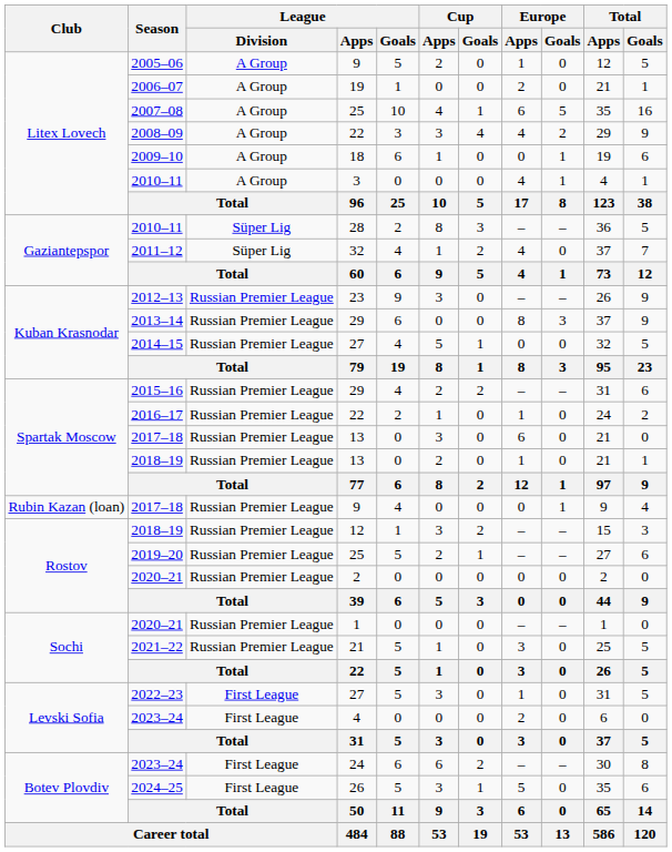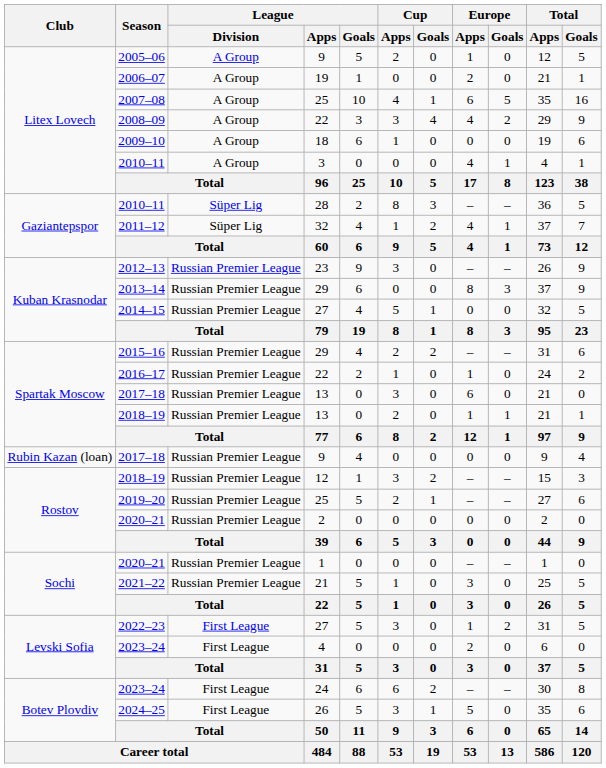 <table class="wikitable" style="text-align:center">
 <tr>
 <th rowspan="2">Club</th>
 <th rowspan="2">Season</th>
 <th colspan="3">League</th>
 <th colspan="2">Cup</th>
 <th colspan="2">Europe</th>
 <th colspan="2">Total</th>
 </tr>
 <tr>
 <th>Division</th>
 <th>Apps</th>
 <th>Goals</th>
 <th>Apps</th>
 <th>Goals</th>
 <th>Apps</th>
 <th>Goals</th>
 <th>Apps</th>
 <th>Goals</th>
 </tr>
 <tr>
 <td rowspan="7"><a href='#'>Litex Lovech</a></td>
 <td><a href='#'>2005–06</a></td>
 <td><a href='#'>A Group</a></td>
 <td>9</td>
 <td>5</td>
 <td>2</td>
 <td>0</td>
 <td>1</td>
 <td>0</td>
 <td>12</td>
 <td>5</td>
 </tr>
 <tr>
 <td><a href='#'>2006–07</a></td>
 <td>A Group</td>
 <td>19</td>
 <td>1</td>
 <td>0</td>
 <td>0</td>
 <td>2</td>
 <td>0</td>
 <td>21</td>
 <td>1</td>
 </tr>
 <tr>
 <td><a href='#'>2007–08</a></td>
 <td>A Group</td>
 <td>25</td>
 <td>10</td>
 <td>4</td>
 <td>1</td>
 <td>6</td>
 <td>5</td>
 <td>35</td>
 <td>16</td>
 </tr>
 <tr>
 <td><a href='#'>2008–09</a></td>
 <td>A Group</td>
 <td>22</td>
 <td>3</td>
 <td>3</td>
 <td>4</td>
 <td>4</td>
 <td>2</td>
 <td>29</td>
 <td>9</td>
 </tr>
 <tr>
 <td><a href='#'>2009–10</a></td>
 <td>A Group</td>
 <td>18</td>
 <td>6</td>
 <td>1</td>
 <td>0</td>
 <td>0</td>
-<td>1</td>
+<td>0</td>
 <td>19</td>
 <td>6</td>
 </tr>
 <tr>
 <td><a href='#'>2010–11</a></td>
 <td>A Group</td>
 <td>3</td>
 <td>0</td>
 <td>0</td>
 <td>0</td>
 <td>4</td>
 <td>1</td>
 <td>4</td>
 <td>1</td>
 </tr>
 <tr>
 <th colspan="2">Total</th>
 <th>96</th>
 <th>25</th>
 <th>10</th>
 <th>5</th>
 <th>17</th>
 <th>8</th>
 <th>123</th>
 <th>38</th>
 </tr>
 <tr>
 <td rowspan="3"><a href='#'>Gaziantepspor</a></td>
 <td><a href='#'>2010–11</a></td>
 <td><a href='#'>Süper Lig</a></td>
 <td>28</td>
 <td>2</td>
 <td>8</td>
 <td>3</td>
 <td>–</td>
 <td>–</td>
 <td>36</td>
 <td>5</td>
 </tr>
 <tr>
 <td><a href='#'>2011–12</a></td>
 <td>Süper Lig</td>
 <td>32</td>
 <td>4</td>
 <td>1</td>
 <td>2</td>
 <td>4</td>
-<td>0</td>
+<td>1</td>
 <td>37</td>
 <td>7</td>
 </tr>
 <tr>
 <th colspan="2">Total</th>
 <th>60</th>
 <th>6</th>
 <th>9</th>
 <th>5</th>
 <th>4</th>
 <th>1</th>
 <th>73</th>
 <th>12</th>
 </tr>
 <tr>
 <td rowspan="4"><a href='#'>Kuban Krasnodar</a></td>
 <td><a href='#'>2012–13</a></td>
 <td><a href='#'>Russian Premier League</a></td>
 <td>23</td>
 <td>9</td>
 <td>3</td>
 <td>0</td>
 <td>–</td>
 <td>–</td>
 <td>26</td>
 <td>9</td>
 </tr>
 <tr>
 <td><a href='#'>2013–14</a></td>
 <td>Russian Premier League</td>
 <td>29</td>
 <td>6</td>
 <td>0</td>
 <td>0</td>
 <td>8</td>
 <td>3</td>
 <td>37</td>
 <td>9</td>
 </tr>
 <tr>
 <td><a href='#'>2014–15</a></td>
 <td>Russian Premier League</td>
 <td>27</td>
 <td>4</td>
 <td>5</td>
 <td>1</td>
 <td>0</td>
 <td>0</td>
 <td>32</td>
 <td>5</td>
 </tr>
 <tr>
 <th colspan="2">Total</th>
 <th>79</th>
 <th>19</th>
 <th>8</th>
 <th>1</th>
 <th>8</th>
 <th>3</th>
 <th>95</th>
 <th>23</th>
 </tr>
 <tr>
 <td rowspan="5"><a href='#'>Spartak Moscow</a></td>
 <td><a href='#'>2015–16</a></td>
 <td>Russian Premier League</td>
 <td>29</td>
 <td>4</td>
 <td>2</td>
 <td>2</td>
 <td>–</td>
 <td>–</td>
 <td>31</td>
 <td>6</td>
 </tr>
 <tr>
 <td><a href='#'>2016–17</a></td>
 <td>Russian Premier League</td>
 <td>22</td>
 <td>2</td>
 <td>1</td>
 <td>0</td>
 <td>1</td>
 <td>0</td>
 <td>24</td>
 <td>2</td>
 </tr>
 <tr>
 <td><a href='#'>2017–18</a></td>
 <td>Russian Premier League</td>
 <td>13</td>
 <td>0</td>
 <td>3</td>
 <td>0</td>
 <td>6</td>
 <td>0</td>
 <td>21</td>
 <td>0</td>
 </tr>
 <tr>
 <td><a href='#'>2018–19</a></td>
 <td>Russian Premier League</td>
 <td>13</td>
 <td>0</td>
 <td>2</td>
 <td>0</td>
 <td>1</td>
-<td>0</td>
+<td>1</td>
 <td>21</td>
 <td>1</td>
 </tr>
 <tr>
 <th colspan="2">Total</th>
 <th>77</th>
 <th>6</th>
 <th>8</th>
 <th>2</th>
 <th>12</th>
 <th>1</th>
 <th>97</th>
 <th>9</th>
 </tr>
 <tr>
 <td><a href='#'>Rubin Kazan</a> (loan)</td>
 <td><a href='#'>2017–18</a></td>
 <td>Russian Premier League</td>
 <td>9</td>
 <td>4</td>
 <td>0</td>
 <td>0</td>
 <td>0</td>
-<td>1</td>
+<td>0</td>
 <td>9</td>
 <td>4</td>
 </tr>
 <tr>
 <td rowspan="4"><a href='#'>Rostov</a></td>
 <td><a href='#'>2018–19</a></td>
 <td>Russian Premier League</td>
 <td>12</td>
 <td>1</td>
 <td>3</td>
 <td>2</td>
 <td>–</td>
 <td>–</td>
 <td>15</td>
 <td>3</td>
 </tr>
 <tr>
 <td><a href='#'>2019–20</a></td>
 <td>Russian Premier League</td>
 <td>25</td>
 <td>5</td>
 <td>2</td>
 <td>1</td>
 <td>–</td>
 <td>–</td>
 <td>27</td>
 <td>6</td>
 </tr>
 <tr>
 <td><a href='#'>2020–21</a></td>
 <td>Russian Premier League</td>
 <td>2</td>
 <td>0</td>
 <td>0</td>
 <td>0</td>
 <td>0</td>
 <td>0</td>
 <td>2</td>
 <td>0</td>
 </tr>
 <tr>
 <th colspan="2">Total</th>
 <th>39</th>
 <th>6</th>
 <th>5</th>
 <th>3</th>
 <th>0</th>
 <th>0</th>
 <th>44</th>
 <th>9</th>
 </tr>
 <tr>
 <td rowspan="3"><a href='#'>Sochi</a></td>
 <td><a href='#'>2020–21</a></td>
 <td>Russian Premier League</td>
 <td>1</td>
 <td>0</td>
 <td>0</td>
 <td>0</td>
 <td>–</td>
 <td>–</td>
 <td>1</td>
 <td>0</td>
 </tr>
 <tr>
 <td><a href='#'>2021–22</a></td>
 <td>Russian Premier League</td>
 <td>21</td>
 <td>5</td>
 <td>1</td>
 <td>0</td>
 <td>3</td>
 <td>0</td>
 <td>25</td>
 <td>5</td>
 </tr>
 <tr>
 <th colspan="2">Total</th>
 <th>22</th>
 <th>5</th>
 <th>1</th>
 <th>0</th>
 <th>3</th>
 <th>0</th>
 <th>26</th>
 <th>5</th>
 </tr>
 <tr>
 <td rowspan="3"><a href='#'>Levski Sofia</a></td>
 <td><a href='#'>2022–23</a></td>
 <td><a href='#'>First League</a></td>
 <td>27</td>
 <td>5</td>
 <td>3</td>
 <td>0</td>
 <td>1</td>
-<td>0</td>
+<td>2</td>
 <td>31</td>
 <td>5</td>
 </tr>
 <tr>
 <td><a href='#'>2023–24</a></td>
 <td>First League</td>
 <td>4</td>
 <td>0</td>
 <td>0</td>
 <td>0</td>
 <td>2</td>
 <td>0</td>
 <td>6</td>
 <td>0</td>
 </tr>
 <tr>
 <th colspan="2">Total</th>
 <th>31</th>
 <th>5</th>
 <th>3</th>
 <th>0</th>
 <th>3</th>
 <th>0</th>
 <th>37</th>
 <th>5</th>
 </tr>
 <tr>
 <td rowspan="3"><a href='#'>Botev Plovdiv</a></td>
 <td><a href='#'>2023–24</a></td>
 <td>First League</td>
 <td>24</td>
 <td>6</td>
 <td>6</td>
 <td>2</td>
 <td>–</td>
 <td>–</td>
 <td>30</td>
 <td>8</td>
 </tr>
 <tr>
 <td><a href='#'>2024–25</a></td>
 <td>First League</td>
 <td>26</td>
 <td>5</td>
 <td>3</td>
 <td>1</td>
 <td>5</td>
 <td>0</td>
 <td>35</td>
 <td>6</td>
 </tr>
 <tr>
 <th colspan="2">Total</th>
 <th>50</th>
 <th>11</th>
 <th>9</th>
 <th>3</th>
 <th>6</th>
 <th>0</th>
 <th>65</th>
 <th>14</th>
 </tr>
 <tr>
 <th colspan="3">Career total</th>
 <th>484</th>
 <th>88</th>
 <th>53</th>
 <th>19</th>
 <th>53</th>
 <th>13</th>
 <th>586</th>
 <th>120</th>
 </tr>
 </table>
